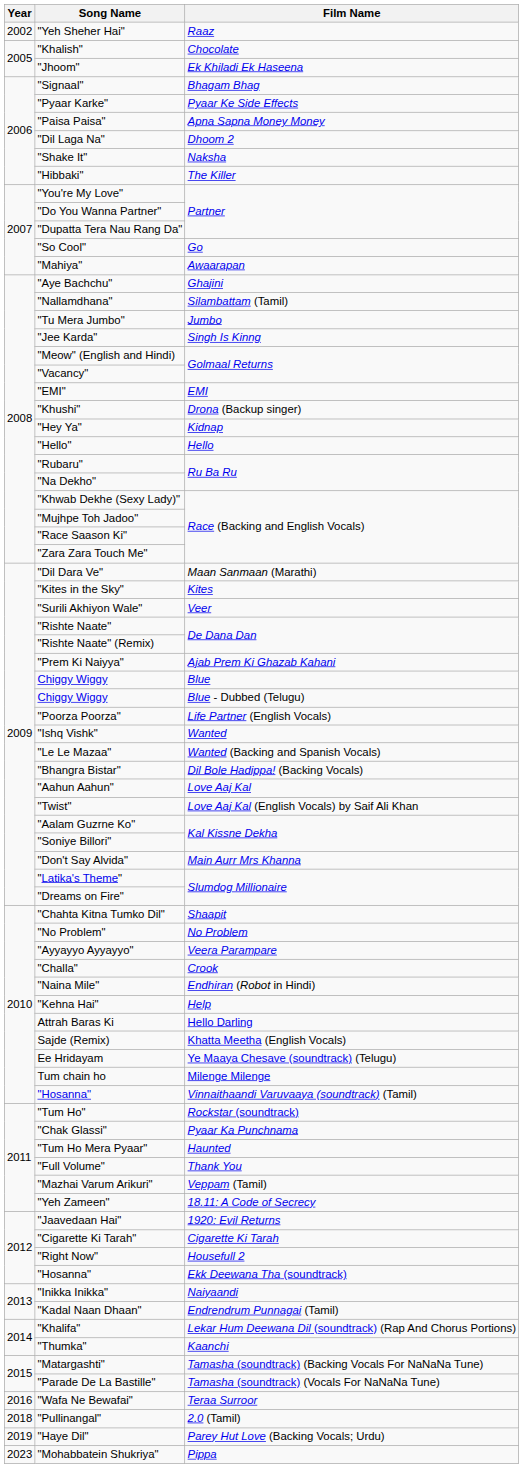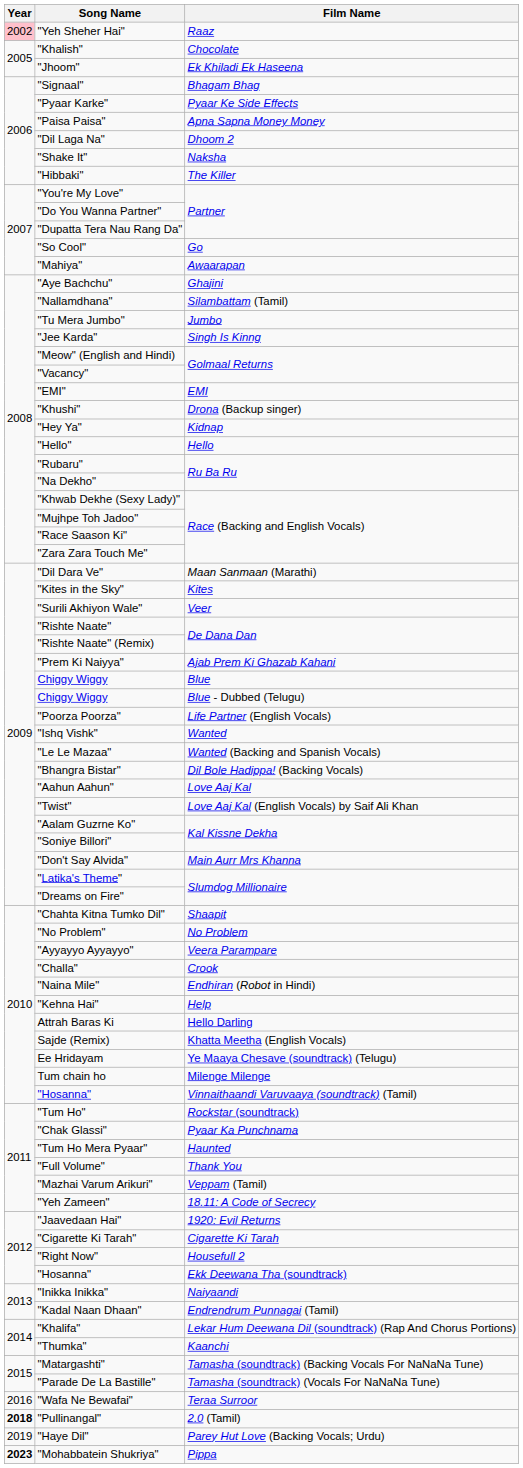 <table class="wikitable sortable">
 <tr>
 <th>Year</th>
 <th>Song Name</th>
 <th>Film Name</th>
 </tr>
 <tr>
-<td>2002</td>
+<td style="background: pink;">2002</td>
 <td>"Yeh Sheher Hai"</td>
 <td><em><a href='#'>Raaz</a></em></td>
 </tr>
 <tr>
 <td rowspan="2">2005</td>
 <td>"Khalish"</td>
 <td><em><a href='#'>Chocolate</a></em></td>
 </tr>
 <tr>
 <td>"Jhoom"</td>
 <td><em><a href='#'>Ek Khiladi Ek Haseena</a></em></td>
 </tr>
 <tr>
 <td rowspan="6">2006</td>
 <td>"Signaal"</td>
 <td><em><a href='#'>Bhagam Bhag</a></em></td>
 </tr>
 <tr>
 <td>"Pyaar Karke"</td>
 <td><em><a href='#'>Pyaar Ke Side Effects</a></em></td>
 </tr>
 <tr>
 <td>"Paisa Paisa"</td>
 <td><em><a href='#'>Apna Sapna Money Money</a></em></td>
 </tr>
 <tr>
 <td>"Dil Laga Na"</td>
 <td><em><a href='#'>Dhoom 2</a></em></td>
 </tr>
 <tr>
 <td>"Shake It"</td>
 <td><em><a href='#'>Naksha</a></em></td>
 </tr>
 <tr>
 <td>"Hibbaki"</td>
 <td><em><a href='#'>The Killer</a></em></td>
 </tr>
 <tr>
 <td rowspan="5">2007</td>
 <td>"You're My Love"</td>
 <td rowspan="3"><em><a href='#'>Partner</a></em></td>
 </tr>
 <tr>
 <td>"Do You Wanna Partner"</td>
 </tr>
 <tr>
 <td>"Dupatta Tera Nau Rang Da"</td>
 </tr>
 <tr>
 <td>"So Cool"</td>
 <td><em><a href='#'>Go</a></em></td>
 </tr>
 <tr>
 <td>"Mahiya"</td>
 <td><em><a href='#'>Awaarapan</a></em></td>
 </tr>
 <tr>
 <td rowspan="16">2008</td>
 <td>"Aye Bachchu"</td>
 <td><em><a href='#'>Ghajini</a></em></td>
 </tr>
 <tr>
 <td>"Nallamdhana"</td>
 <td><em><a href='#'>Silambattam</a></em> (Tamil)</td>
 </tr>
 <tr>
 <td>"Tu Mera Jumbo"</td>
 <td><em><a href='#'>Jumbo</a></em></td>
 </tr>
 <tr>
 <td>"Jee Karda"</td>
 <td><em><a href='#'>Singh Is Kinng</a></em></td>
 </tr>
 <tr>
 <td>"Meow" (English and Hindi)</td>
 <td rowspan="2"><em><a href='#'>Golmaal Returns</a></em></td>
 </tr>
 <tr>
 <td>"Vacancy"</td>
 </tr>
 <tr>
 <td>"EMI"</td>
 <td><em><a href='#'>EMI</a></em></td>
 </tr>
 <tr>
 <td>"Khushi"</td>
 <td><em><a href='#'>Drona</a></em> (Backup singer)</td>
 </tr>
 <tr>
 <td>"Hey Ya"</td>
 <td><em><a href='#'>Kidnap</a></em></td>
 </tr>
 <tr>
 <td>"Hello"</td>
 <td><em><a href='#'>Hello</a></em></td>
 </tr>
 <tr>
 <td>"Rubaru"</td>
 <td rowspan="2"><em><a href='#'>Ru Ba Ru</a></em></td>
 </tr>
 <tr>
 <td>"Na Dekho"</td>
 </tr>
 <tr>
 <td>"Khwab Dekhe (Sexy Lady)"</td>
 <td rowspan="4"><em><a href='#'>Race</a></em> (Backing and English Vocals)</td>
 </tr>
 <tr>
 <td>"Mujhpe Toh Jadoo"</td>
 </tr>
 <tr>
 <td>"Race Saason Ki"</td>
 </tr>
 <tr>
 <td>"Zara Zara Touch Me"</td>
 </tr>
 <tr>
 <td rowspan="19">2009</td>
 <td>"Dil Dara Ve"</td>
 <td><em>Maan Sanmaan</em> (Marathi)</td>
 </tr>
 <tr>
 <td>"Kites in the Sky"</td>
 <td><em><a href='#'>Kites</a></em></td>
 </tr>
 <tr>
 <td>"Surili Akhiyon Wale"</td>
 <td><em><a href='#'>Veer</a></em></td>
 </tr>
 <tr>
 <td>"Rishte Naate"</td>
 <td rowspan="2"><em><a href='#'>De Dana Dan</a></em></td>
 </tr>
 <tr>
 <td>"Rishte Naate" (Remix)</td>
 </tr>
 <tr>
 <td>"Prem Ki Naiyya"</td>
 <td><em><a href='#'>Ajab Prem Ki Ghazab Kahani</a></em></td>
 </tr>
 <tr>
 <td><a href='#'>Chiggy Wiggy</a></td>
 <td><em><a href='#'>Blue</a></em></td>
 </tr>
 <tr>
 <td><a href='#'>Chiggy Wiggy</a></td>
 <td><em><a href='#'>Blue</a></em> - Dubbed (Telugu)</td>
 </tr>
 <tr>
 <td>"Poorza Poorza"</td>
 <td><em><a href='#'>Life Partner</a></em> (English Vocals)</td>
 </tr>
 <tr>
 <td>"Ishq Vishk"</td>
 <td><em><a href='#'>Wanted</a></em></td>
 </tr>
 <tr>
 <td>"Le Le Mazaa"</td>
 <td><em><a href='#'>Wanted</a></em> (Backing and Spanish Vocals)</td>
 </tr>
 <tr>
 <td>"Bhangra Bistar"</td>
 <td><em><a href='#'>Dil Bole Hadippa!</a></em> (Backing Vocals)</td>
 </tr>
 <tr>
 <td>"Aahun Aahun"</td>
 <td><em><a href='#'>Love Aaj Kal</a></em></td>
 </tr>
 <tr>
 <td>"Twist"</td>
 <td><em><a href='#'>Love Aaj Kal</a></em> (English Vocals) by Saif Ali Khan</td>
 </tr>
 <tr>
 <td>"Aalam Guzrne Ko"</td>
 <td rowspan="2"><em><a href='#'>Kal Kissne Dekha</a></em></td>
 </tr>
 <tr>
 <td>"Soniye Billori"</td>
 </tr>
 <tr>
 <td>"Don't Say Alvida"</td>
 <td><em><a href='#'>Main Aurr Mrs Khanna</a></em></td>
 </tr>
 <tr>
 <td>"<a href='#'>Latika's Theme</a>"</td>
 <td rowspan="2"><em><a href='#'>Slumdog Millionaire</a></em></td>
 </tr>
 <tr>
 <td>"Dreams on Fire"</td>
 </tr>
 <tr>
 <td rowspan="11">2010</td>
 <td>"Chahta Kitna Tumko Dil"</td>
 <td><em><a href='#'>Shaapit</a></em></td>
 </tr>
 <tr>
 <td>"No Problem"</td>
 <td><em><a href='#'>No Problem</a></em></td>
 </tr>
 <tr>
 <td>"Ayyayyo Ayyayyo"</td>
 <td><em><a href='#'>Veera Parampare</a></em></td>
 </tr>
 <tr>
 <td>"Challa"</td>
 <td><em><a href='#'>Crook</a></em></td>
 </tr>
 <tr>
 <td>"Naina Mile"</td>
 <td><em><a href='#'>Endhiran</a></em> (<em>Robot</em> in Hindi)</td>
 </tr>
 <tr>
 <td>"Kehna Hai"</td>
 <td><em><a href='#'>Help</a></em></td>
 </tr>
 <tr>
 <td>Attrah Baras Ki</td>
 <td><a href='#'>Hello Darling</a></td>
 </tr>
 <tr>
 <td>Sajde (Remix)</td>
 <td><a href='#'>Khatta Meetha</a> (English Vocals)</td>
 </tr>
 <tr>
 <td>Ee Hridayam</td>
 <td><a href='#'>Ye Maaya Chesave (soundtrack)</a> (Telugu)</td>
 </tr>
 <tr>
 <td>Tum chain ho</td>
 <td><a href='#'>Milenge Milenge</a></td>
 </tr>
 <tr>
 <td><a href='#'>"Hosanna"</a></td>
 <td><em><a href='#'>Vinnaithaandi Varuvaaya (soundtrack)</a></em> (Tamil)</td>
 </tr>
 <tr>
 <td rowspan="6">2011</td>
 <td>"Tum Ho"</td>
 <td><a href='#'><em>Rockstar</em> (soundtrack)</a></td>
 </tr>
 <tr>
 <td>"Chak Glassi"</td>
 <td><em><a href='#'>Pyaar Ka Punchnama</a></em></td>
 </tr>
 <tr>
 <td>"Tum Ho Mera Pyaar"</td>
 <td><em><a href='#'>Haunted</a></em></td>
 </tr>
 <tr>
 <td>"Full Volume"</td>
 <td><em><a href='#'>Thank You</a></em></td>
 </tr>
 <tr>
 <td>"Mazhai Varum Arikuri"</td>
 <td><em><a href='#'>Veppam</a></em> (Tamil)</td>
 </tr>
 <tr>
 <td>"Yeh Zameen"</td>
 <td><em><a href='#'>18.11: A Code of Secrecy</a></em></td>
 </tr>
 <tr>
 <td rowspan="4">2012</td>
 <td>"Jaavedaan Hai"</td>
 <td><em><a href='#'>1920: Evil Returns</a></em></td>
 </tr>
 <tr>
 <td>"Cigarette Ki Tarah"</td>
 <td><em><a href='#'>Cigarette Ki Tarah</a></em></td>
 </tr>
 <tr>
 <td>"Right Now"</td>
 <td><em><a href='#'>Housefull 2</a></em></td>
 </tr>
 <tr>
 <td>"Hosanna"</td>
 <td><a href='#'><em>Ekk Deewana Tha</em> (soundtrack)</a></td>
 </tr>
 <tr>
 <td rowspan="2">2013</td>
 <td>"Inikka Inikka"</td>
 <td><em><a href='#'>Naiyaandi</a></em></td>
 </tr>
 <tr>
 <td>"Kadal Naan Dhaan"</td>
 <td><em><a href='#'>Endrendrum Punnagai</a></em> (Tamil)</td>
 </tr>
 <tr>
 <td rowspan="2">2014</td>
 <td>"Khalifa"</td>
 <td><a href='#'><em>Lekar Hum Deewana Dil</em> (soundtrack)</a> (Rap And Chorus Portions)</td>
 </tr>
 <tr>
 <td>"Thumka"</td>
 <td><em><a href='#'>Kaanchi</a></em></td>
 </tr>
 <tr>
 <td rowspan="2">2015</td>
 <td>"Matargashti"</td>
 <td><a href='#'><em>Tamasha</em> (soundtrack)</a> (Backing Vocals For NaNaNa Tune)</td>
 </tr>
 <tr>
 <td>"Parade De La Bastille"</td>
 <td><a href='#'><em>Tamasha</em> (soundtrack)</a> (Vocals For NaNaNa Tune)</td>
 </tr>
 <tr>
 <td>2016</td>
 <td>"Wafa Ne Bewafai"</td>
 <td><em><a href='#'>Teraa Surroor</a></em></td>
 </tr>
 <tr>
-<td>2018</td>
+<td><strong>2018</strong></td>
 <td>"Pullinangal"</td>
 <td><em><a href='#'>2.0</a></em> (Tamil)</td>
 </tr>
 <tr>
 <td>2019</td>
 <td>"Haye Dil"</td>
 <td><em><a href='#'>Parey Hut Love</a></em> (Backing Vocals; Urdu)</td>
 </tr>
 <tr>
-<td>2023</td>
+<td><strong>2023</strong></td>
 <td>"Mohabbatein Shukriya"</td>
 <td><em><a href='#'>Pippa</a></em></td>
 </tr>
 </table>
